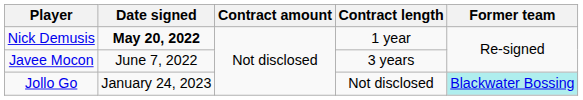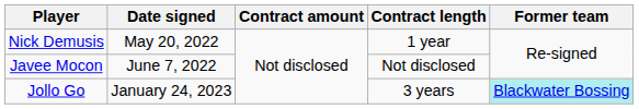 <table class="wikitable sortable sortable">
 <tr>
 <th>Player</th>
 <th>Date signed</th>
 <th>Contract amount</th>
 <th>Contract length</th>
 <th>Former team</th>
 </tr>
 <tr>
 <td align=center><a href='#'>Nick Demusis</a></td>
-<td align=center><strong>May 20, 2022</strong></td>
+<td align=center>May 20, 2022</td>
 <td align=center rowspan=3>Not disclosed</td>
 <td align=center>1 year</td>
 <td align=center rowspan=2>Re-signed</td>
 </tr>
 <tr>
 <td align=center><a href='#'>Javee Mocon</a></td>
 <td align=center>June 7, 2022</td>
-<td align=center>3 years</td>
+<td align=center>Not disclosed</td>
 </tr>
 <tr>
 <td align=center><a href='#'>Jollo Go</a></td>
 <td align=center>January 24, 2023</td>
-<td align=center>Not disclosed</td>
+<td align=center>3 years</td>
 <td align=center style="background: paleturquoise;"><a href='#'>Blackwater Bossing</a></td>
 </tr>
 </table>
